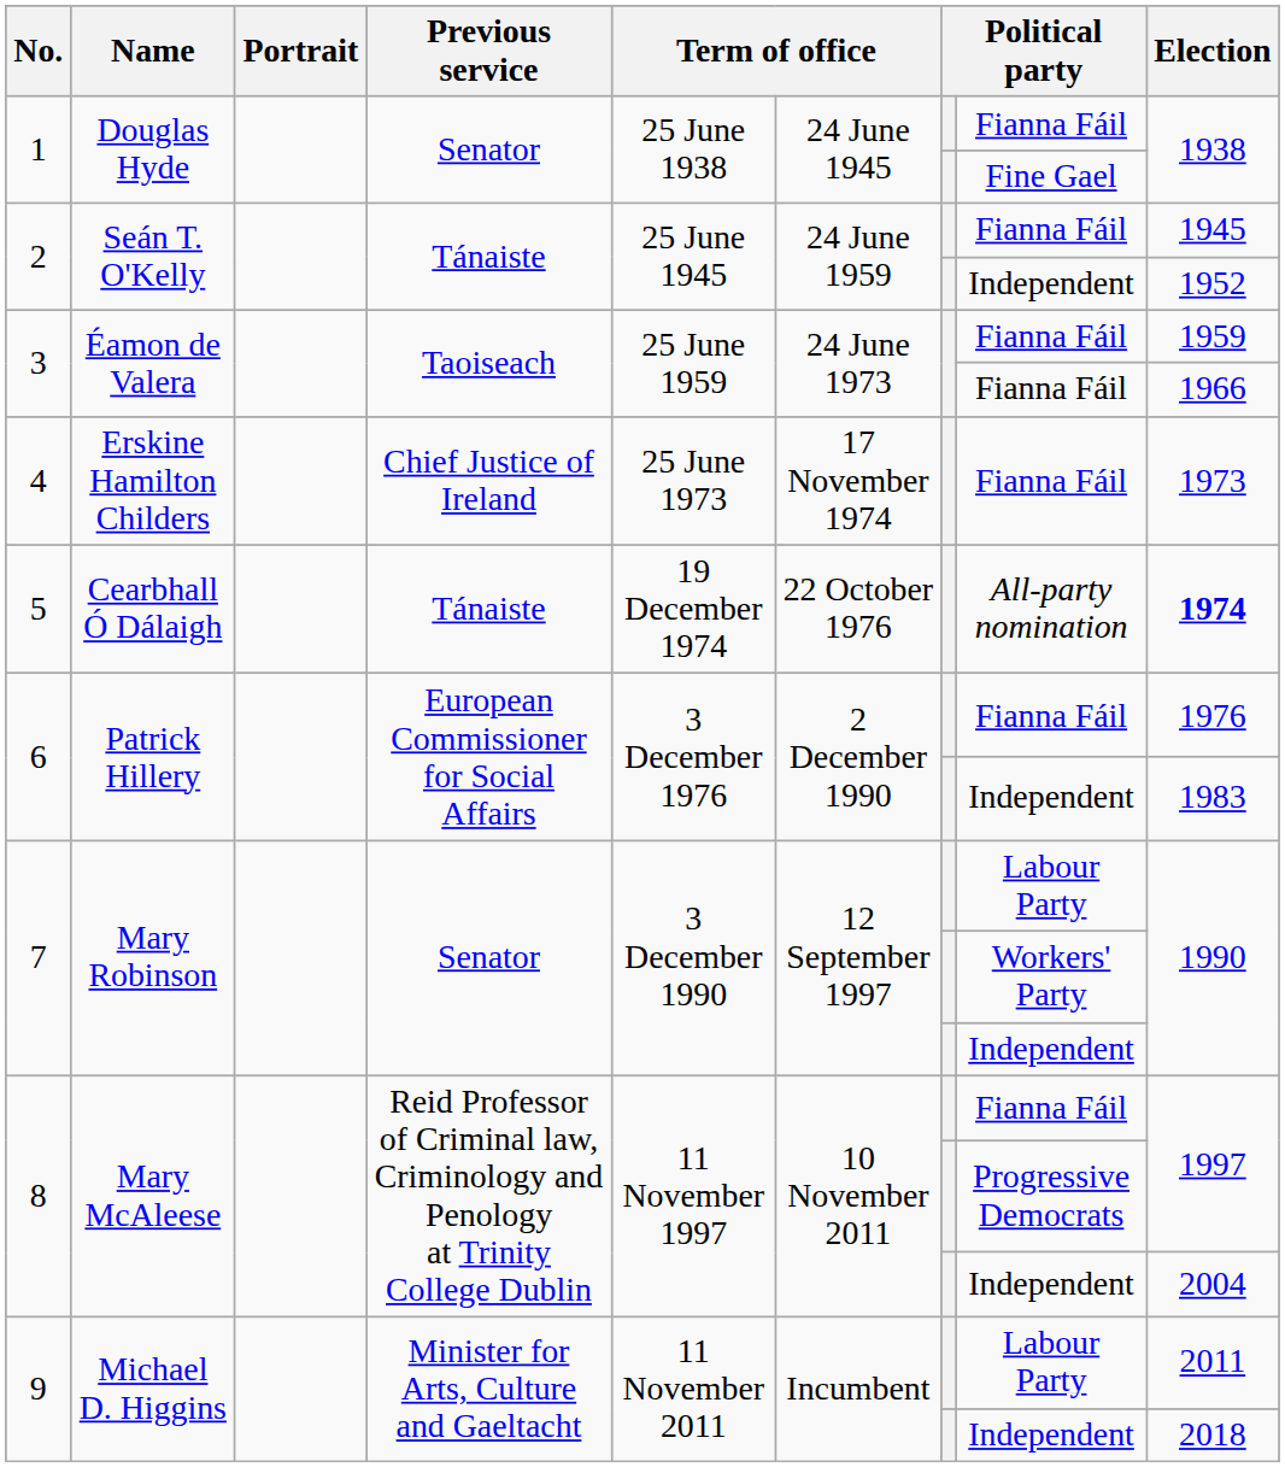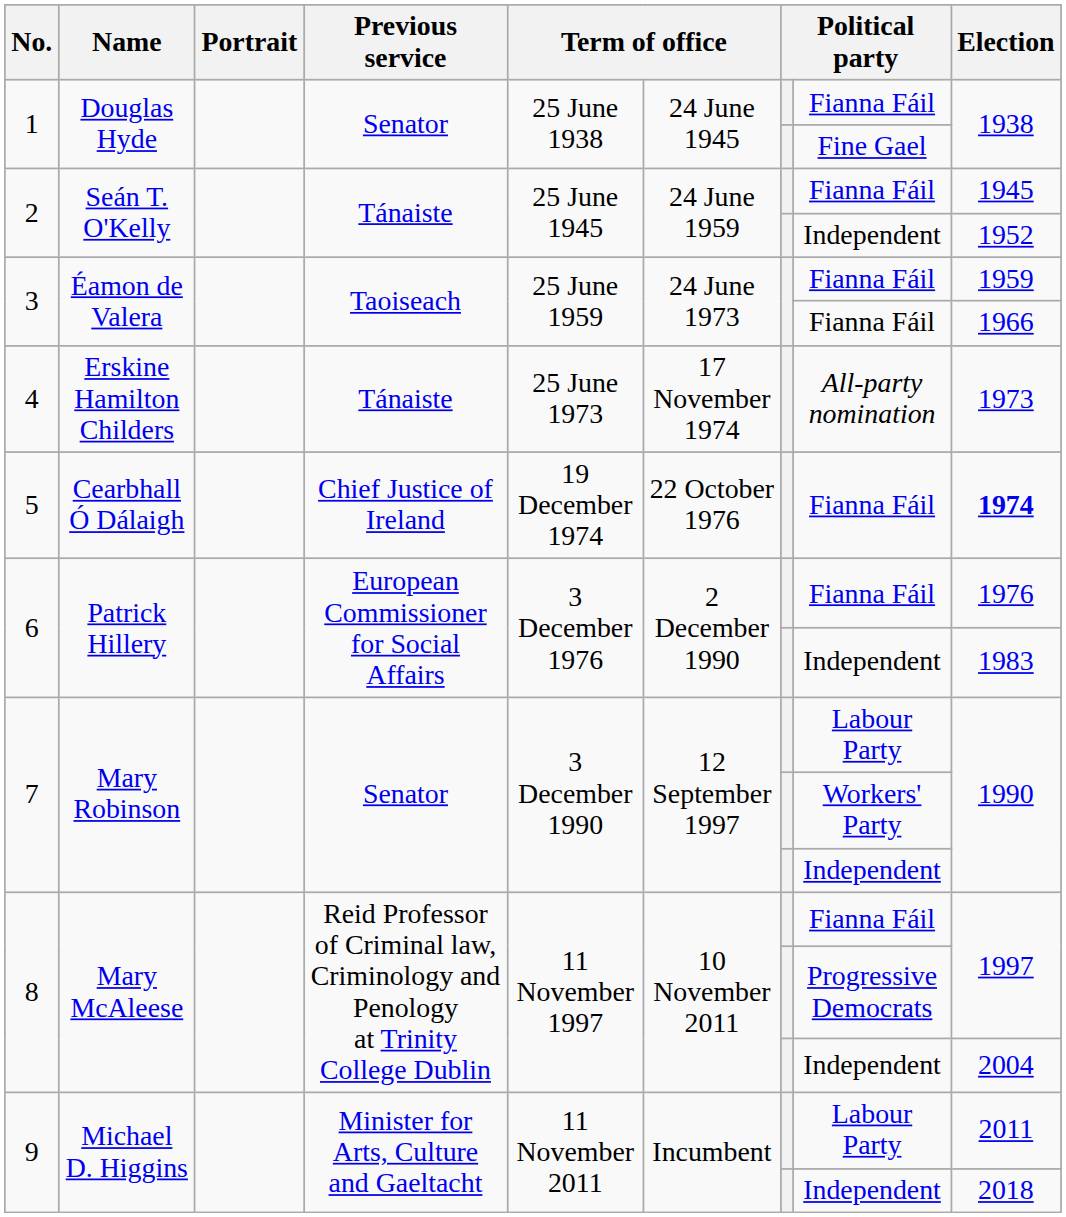 <table class="wikitable" style="text-align:center">
 <tr>
 <th>No.</th>
 <th>Name<br></th>
 <th>Portrait</th>
 <th>Previous service</th>
 <th colspan=2>Term of office</th>
 <th colspan=2>Political party</th>
 <th>Election</th>
 </tr>
 <tr>
 <td rowspan=2>1</td>
 <td rowspan=2><a href='#'>Douglas Hyde</a><br></td>
 <td rowspan=2></td>
 <td rowspan=2><a href='#'>Senator</a> <br> </td>
 <td rowspan=2>25 June 1938</td>
 <td rowspan=2>24 June 1945</td>
 <th style="background-color: "></th>
 <td><a href='#'>Fianna Fáil</a></td>
 <td rowspan=2><a href='#'>1938</a></td>
 </tr>
 <tr>
 <th style="background-color: "></th>
 <td><a href='#'>Fine Gael</a></td>
 </tr>
 <tr>
 <td rowspan=2>2</td>
 <td rowspan=2><a href='#'>Seán T. O'Kelly</a><br></td>
 <td rowspan=2></td>
 <td rowspan=2><a href='#'>Tánaiste</a> <br> </td>
 <td rowspan=2>25 June 1945</td>
 <td rowspan=2>24 June 1959</td>
 <th style="background-color: "></th>
 <td><a href='#'>Fianna Fáil</a></td>
 <td><a href='#'>1945</a></td>
 </tr>
 <tr>
 <th style="background-color: "></th>
 <td>Independent</td>
 <td><a href='#'>1952</a></td>
 </tr>
 <tr>
 <td rowspan=2>3</td>
 <td rowspan=2><a href='#'>Éamon de Valera</a><br></td>
 <td rowspan=2></td>
 <td rowspan=2><a href='#'>Taoiseach</a> <br> </td>
 <td rowspan=2>25 June 1959</td>
 <td rowspan=2>24 June 1973</td>
 <th rowspan=2 style="background-color: "></th>
 <td><a href='#'>Fianna Fáil</a></td>
 <td><a href='#'>1959</a></td>
 </tr>
 <tr>
 <td>Fianna Fáil</td>
 <td><a href='#'>1966</a></td>
 </tr>
 <tr>
 <td>4</td>
 <td><a href='#'>Erskine Hamilton Childers</a><br></td>
 <td></td>
-<td><a href='#'>Chief Justice of Ireland</a> <br> </td>
+<td><a href='#'>Tánaiste</a> <br> </td>
 <td>25 June 1973</td>
 <td>17 November 1974</td>
 <th style="background-color: "></th>
-<td><a href='#'>Fianna Fáil</a></td>
+<td><em>All-party nomination</em></td>
 <td><a href='#'>1973</a></td>
 </tr>
 <tr>
 <td>5</td>
 <td><a href='#'>Cearbhall Ó Dálaigh</a><br></td>
 <td></td>
-<td><a href='#'>Tánaiste</a> <br> </td>
+<td><a href='#'>Chief Justice of Ireland</a> <br> </td>
 <td>19 December 1974</td>
 <td>22 October 1976</td>
 <th style="background-color: "></th>
-<td><em>All-party nomination</em></td>
+<td><a href='#'>Fianna Fáil</a></td>
 <td><strong><a href='#'>1974</a></strong></td>
 </tr>
 <tr>
 <td rowspan=2>6</td>
 <td rowspan=2><a href='#'>Patrick Hillery</a><br></td>
 <td rowspan=2></td>
 <td rowspan=2><a href='#'>European Commissioner for Social Affairs</a> <br> </td>
 <td rowspan=2>3 December 1976</td>
 <td rowspan=2>2 December 1990</td>
 <th style="background-color: "></th>
 <td><a href='#'>Fianna Fáil</a></td>
 <td><a href='#'>1976</a></td>
 </tr>
 <tr>
 <th style="background-color: "></th>
 <td>Independent</td>
 <td><a href='#'>1983</a></td>
 </tr>
 <tr>
 <td rowspan=3>7</td>
 <td rowspan=3><a href='#'>Mary Robinson</a><br></td>
 <td rowspan=3></td>
 <td rowspan=3><a href='#'>Senator</a> <br> </td>
 <td rowspan=3>3 December 1990</td>
 <td rowspan=3>12 September 1997</td>
 <th style="background-color: "></th>
 <td><a href='#'>Labour Party</a></td>
 <td rowspan=3><a href='#'>1990</a></td>
 </tr>
 <tr>
 <th style="background-color: "></th>
 <td><a href='#'>Workers' Party</a></td>
 </tr>
 <tr>
 <th style="background-color: "></th>
 <td><a href='#'>Independent</a></td>
 </tr>
 <tr>
 <td rowspan=3>8</td>
 <td rowspan=3><a href='#'>Mary McAleese</a><br></td>
 <td rowspan=3></td>
 <td rowspan=3>Reid Professor of Criminal law, Criminology and Penology<br>at <a href='#'>Trinity College Dublin</a></td>
 <td rowspan=3>11 November 1997</td>
 <td rowspan=3>10 November 2011</td>
 <th style="background-color: "></th>
 <td><a href='#'>Fianna Fáil</a></td>
 <td rowspan=2><a href='#'>1997</a></td>
 </tr>
 <tr>
 <th style="background-color: "></th>
 <td><a href='#'>Progressive Democrats</a></td>
 </tr>
 <tr>
 <th style="background-color: "></th>
 <td>Independent</td>
 <td><a href='#'>2004</a></td>
 </tr>
 <tr>
 <td rowspan=2>9</td>
 <td rowspan=2><a href='#'>Michael D. Higgins</a><br></td>
 <td rowspan=2></td>
 <td rowspan=2><a href='#'>Minister for Arts, Culture and Gaeltacht</a> <br> </td>
 <td rowspan=2>11 November 2011</td>
 <td rowspan=2>Incumbent</td>
 <th style="background-color: "></th>
 <td><a href='#'>Labour Party</a></td>
 <td><a href='#'>2011</a></td>
 </tr>
 <tr>
 <th style="background-color: "></th>
 <td><a href='#'>Independent</a></td>
 <td><a href='#'>2018</a></td>
 </tr>
 </table>
